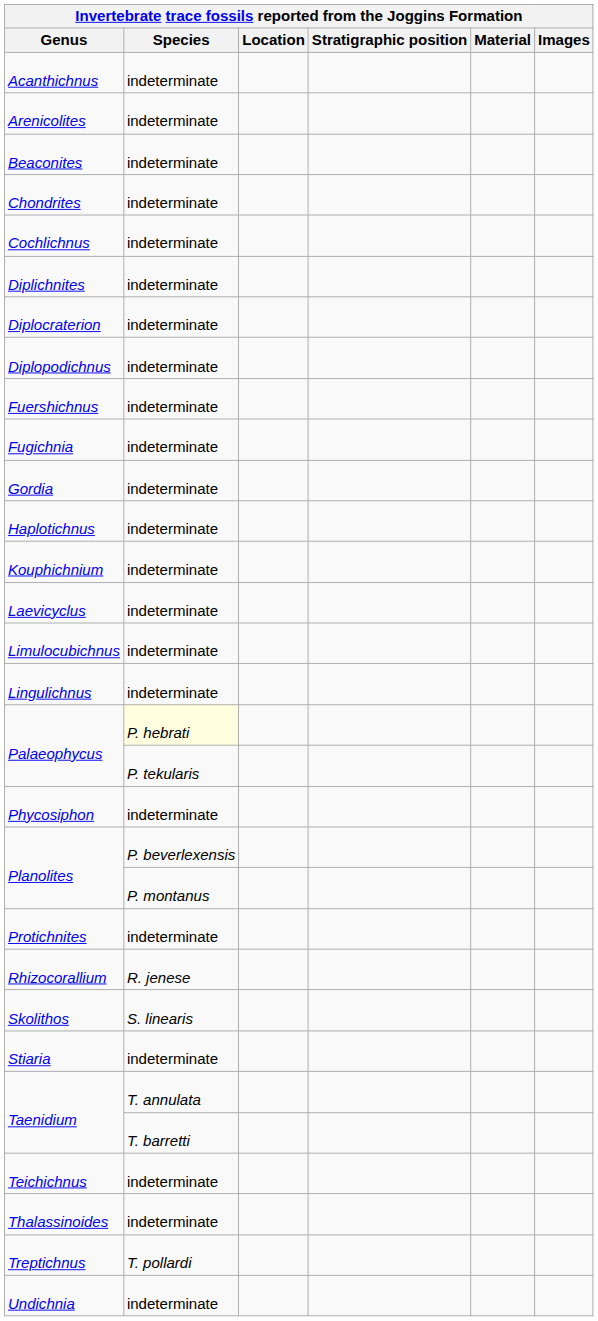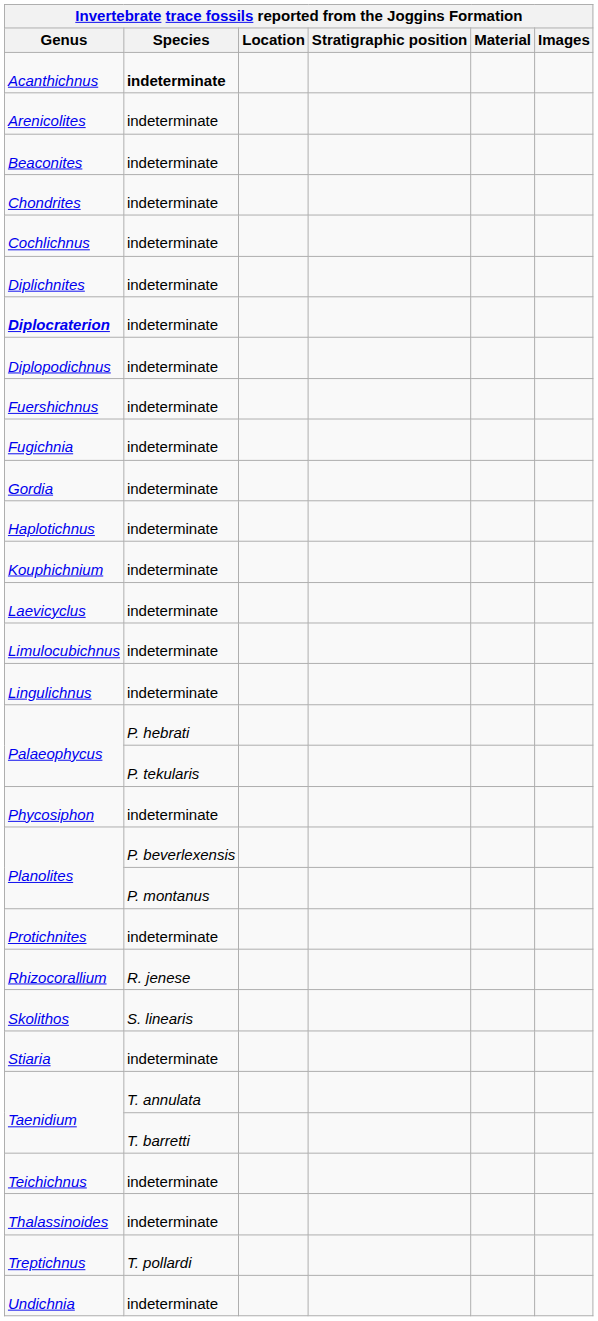 <table class="wikitable sortable mw-collapsible">
 <tr>
 <th colspan="7" style="text-align:center;"><strong><a href='#'>Invertebrate</a> <a href='#'>trace fossils</a> reported from the Joggins Formation</strong></th>
 </tr>
 <tr>
 <th>Genus</th>
 <th>Species</th>
 <th>Location</th>
 <th>Stratigraphic position</th>
 <th>Material</th>
 <th>Images</th>
 </tr>
 <tr>
 <td rowspan="1"><br><em><a href='#'>Acanthichnus</a></em></td>
-<td><br>indeterminate</td>
+<td><strong><br>indeterminate</strong></td>
 <td></td>
 <td></td>
 <td></td>
 <td></td>
 </tr>
 <tr>
 <td rowspan="1"><br><em><a href='#'>Arenicolites</a></em></td>
 <td><br>indeterminate</td>
 <td></td>
 <td></td>
 <td></td>
 <td></td>
 </tr>
 <tr>
 <td rowspan="1"><br><em><a href='#'>Beaconites</a></em></td>
 <td><br>indeterminate</td>
 <td></td>
 <td></td>
 <td></td>
 <td></td>
 </tr>
 <tr>
 <td rowspan="1"><br><em><a href='#'>Chondrites</a></em></td>
 <td><br>indeterminate</td>
 <td></td>
 <td></td>
 <td></td>
 <td></td>
 </tr>
 <tr>
 <td rowspan="1"><br><em><a href='#'>Cochlichnus</a></em></td>
 <td><br>indeterminate</td>
 <td></td>
 <td></td>
 <td></td>
 <td></td>
 </tr>
 <tr>
 <td rowspan="1"><br><em><a href='#'>Diplichnites</a></em></td>
 <td><br>indeterminate</td>
 <td></td>
 <td></td>
 <td></td>
 <td></td>
 </tr>
 <tr>
-<td rowspan="1"><br><em><a href='#'>Diplocraterion</a></em></td>
+<td rowspan="1"><strong><br><em><a href='#'>Diplocraterion</a></em></strong></td>
 <td><br>indeterminate</td>
 <td></td>
 <td></td>
 <td></td>
 <td></td>
 </tr>
 <tr>
 <td rowspan="1"><br><em><a href='#'>Diplopodichnus</a></em></td>
 <td><br>indeterminate</td>
 <td></td>
 <td></td>
 <td></td>
 <td></td>
 </tr>
 <tr>
 <td rowspan="1"><br><em><a href='#'>Fuershichnus</a></em></td>
 <td><br>indeterminate</td>
 <td></td>
 <td></td>
 <td></td>
 <td></td>
 </tr>
 <tr>
 <td rowspan="1"><br><em><a href='#'>Fugichnia</a></em></td>
 <td><br>indeterminate</td>
 <td></td>
 <td></td>
 <td></td>
 <td></td>
 </tr>
 <tr>
 <td rowspan="1"><br><em><a href='#'>Gordia</a></em></td>
 <td><br>indeterminate</td>
 <td></td>
 <td></td>
 <td></td>
 <td></td>
 </tr>
 <tr>
 <td rowspan="1"><br><em><a href='#'>Haplotichnus</a></em></td>
 <td><br>indeterminate</td>
 <td></td>
 <td></td>
 <td></td>
 <td></td>
 </tr>
 <tr>
 <td rowspan="1"><br><em><a href='#'>Kouphichnium</a></em></td>
 <td><br>indeterminate</td>
 <td></td>
 <td></td>
 <td></td>
 <td></td>
 </tr>
 <tr>
 <td rowspan="1"><br><em><a href='#'>Laevicyclus</a></em></td>
 <td><br>indeterminate</td>
 <td></td>
 <td></td>
 <td></td>
 <td></td>
 </tr>
 <tr>
 <td rowspan="1"><br><em><a href='#'>Limulocubichnus</a></em></td>
 <td><br>indeterminate</td>
 <td></td>
 <td></td>
 <td></td>
 <td></td>
 </tr>
 <tr>
 <td rowspan="1"><br><em><a href='#'>Lingulichnus</a></em></td>
 <td><br>indeterminate</td>
 <td></td>
 <td></td>
 <td></td>
 <td></td>
 </tr>
 <tr>
 <td rowspan="2"><br><em><a href='#'>Palaeophycus</a></em></td>
-<td style="background: lightyellow;"><br><em>P. hebrati</em></td>
+<td><br><em>P. hebrati</em></td>
 <td></td>
 <td></td>
 <td></td>
 <td></td>
 </tr>
 <tr>
 <td><br><em>P. tekularis</em></td>
 <td></td>
 <td></td>
 <td></td>
 <td></td>
 </tr>
 <tr>
 <td rowspan="1"><br><em><a href='#'>Phycosiphon</a></em></td>
 <td><br>indeterminate</td>
 <td></td>
 <td></td>
 <td></td>
 <td></td>
 </tr>
 <tr>
 <td rowspan="2"><br><em><a href='#'>Planolites</a></em></td>
 <td><br><em>P. beverlexensis</em></td>
 <td></td>
 <td></td>
 <td></td>
 <td></td>
 </tr>
 <tr>
 <td><br><em>P. montanus</em></td>
 <td></td>
 <td></td>
 <td></td>
 <td></td>
 </tr>
 <tr>
 <td rowspan="1"><br><em><a href='#'>Protichnites</a></em></td>
 <td><br>indeterminate</td>
 <td></td>
 <td></td>
 <td></td>
 <td></td>
 </tr>
 <tr>
 <td rowspan="1"><br><em><a href='#'>Rhizocorallium</a></em></td>
 <td><br><em>R. jenese</em></td>
 <td></td>
 <td></td>
 <td></td>
 <td></td>
 </tr>
 <tr>
 <td rowspan="1"><br><em><a href='#'>Skolithos</a></em></td>
 <td><br><em>S. linearis</em></td>
 <td></td>
 <td></td>
 <td></td>
 <td></td>
 </tr>
 <tr>
 <td rowspan="1"><br><em><a href='#'>Stiaria</a></em></td>
 <td><br>indeterminate</td>
 <td></td>
 <td></td>
 <td></td>
 <td></td>
 </tr>
 <tr>
 <td rowspan="2"><br><em><a href='#'>Taenidium</a></em></td>
 <td><br><em>T. annulata</em></td>
 <td></td>
 <td></td>
 <td></td>
 <td></td>
 </tr>
 <tr>
 <td><br><em>T. barretti</em></td>
 <td></td>
 <td></td>
 <td></td>
 <td></td>
 </tr>
 <tr>
 <td rowspan="1"><br><em><a href='#'>Teichichnus</a></em></td>
 <td><br>indeterminate</td>
 <td></td>
 <td></td>
 <td></td>
 <td></td>
 </tr>
 <tr>
 <td rowspan="1"><br><em><a href='#'>Thalassinoides</a></em></td>
 <td><br>indeterminate</td>
 <td></td>
 <td></td>
 <td></td>
 <td></td>
 </tr>
 <tr>
 <td rowspan="1"><br><em><a href='#'>Treptichnus</a></em></td>
 <td><br><em>T. pollardi</em></td>
 <td></td>
 <td></td>
 <td></td>
 <td></td>
 </tr>
 <tr>
 <td rowspan="1"><br><em><a href='#'>Undichnia</a></em></td>
 <td><br>indeterminate</td>
 <td></td>
 <td></td>
 <td></td>
 <td></td>
 </tr>
 </table>
